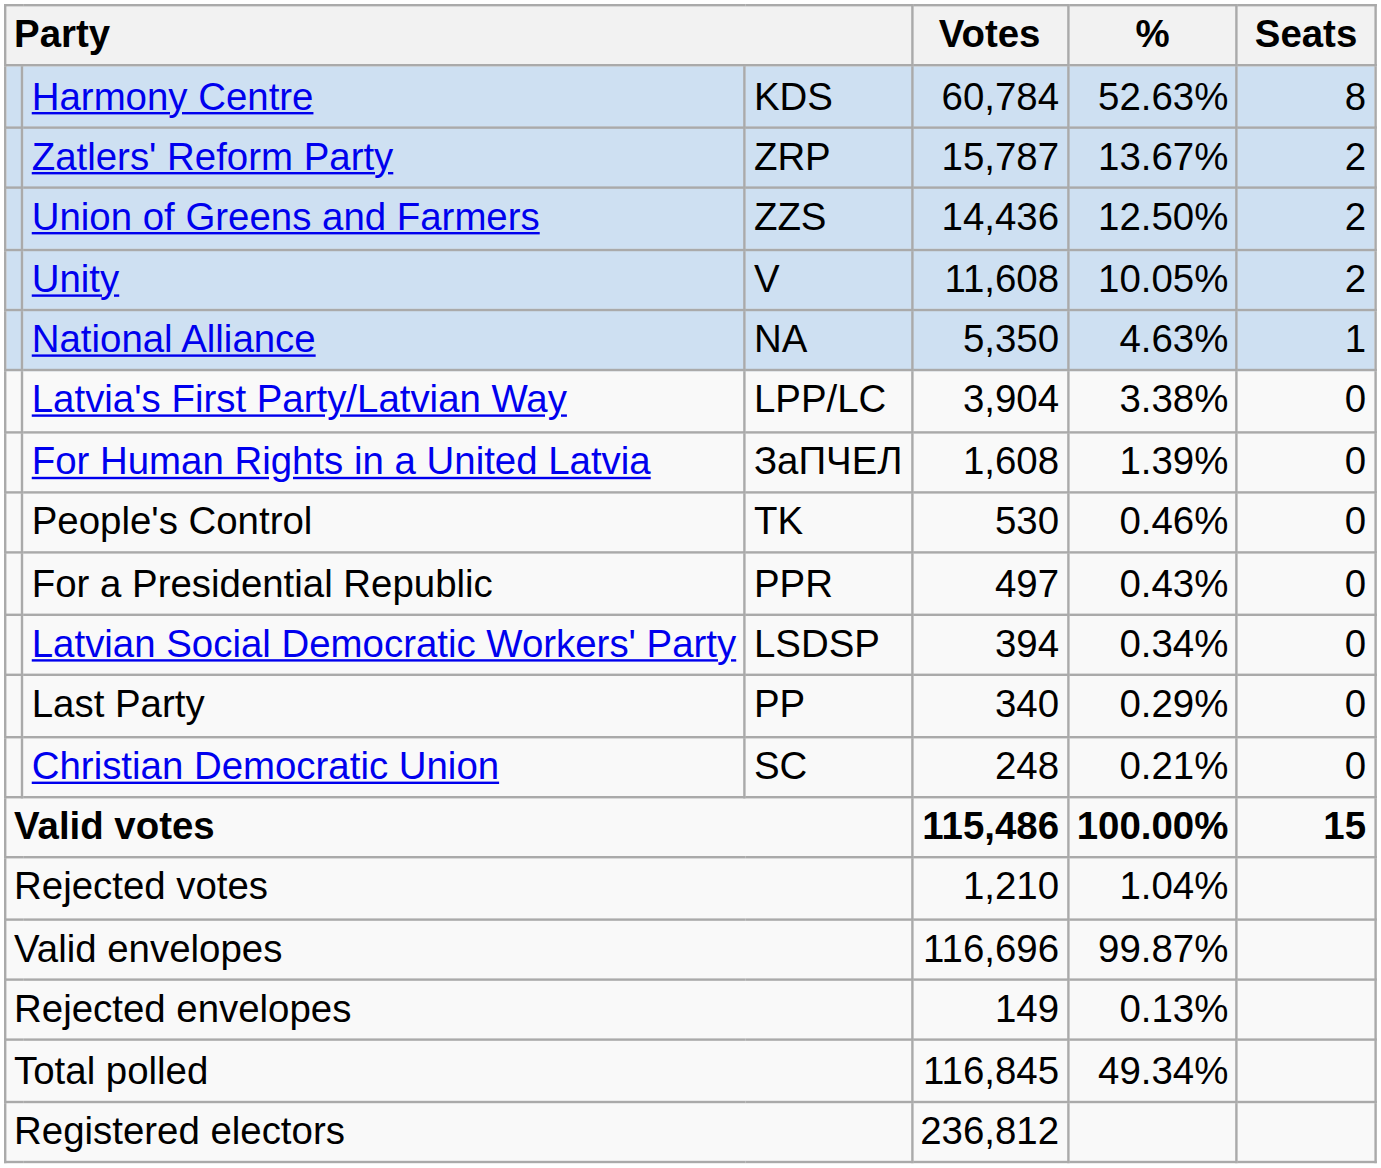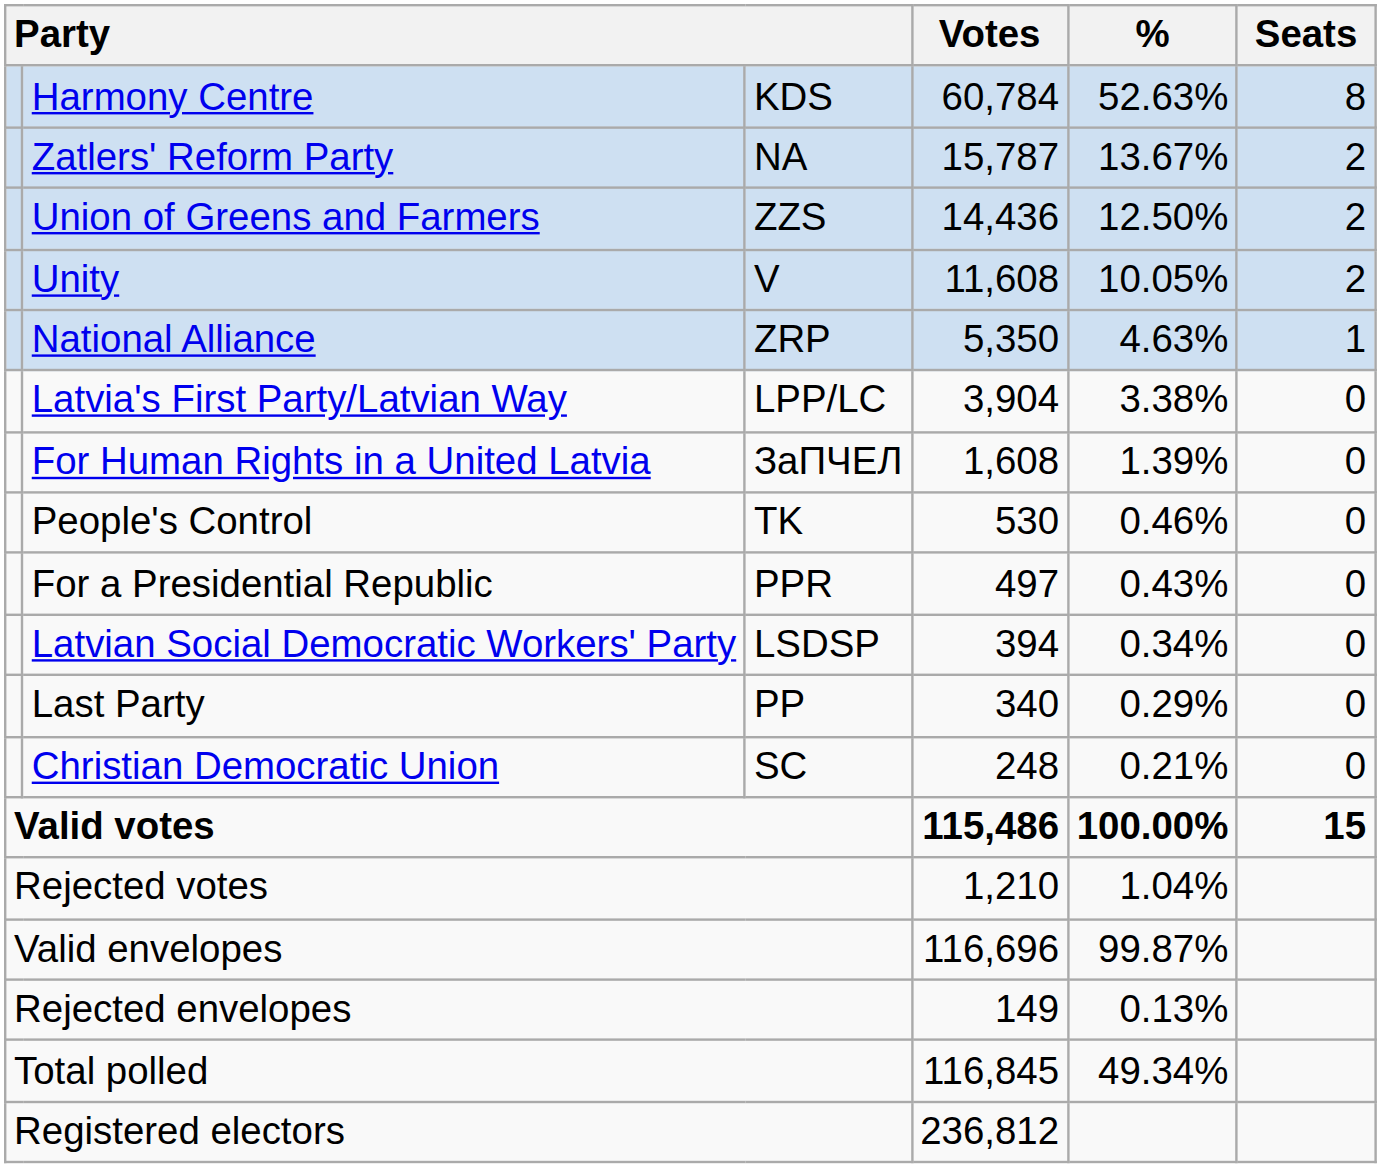 <table class="wikitable" border="1" style="text-align:right;">
 <tr>
 <th style="text-align:left;" colspan=3>Party</th>
 <th align=center width="50">Votes</th>
 <th align=center width="50">%</th>
 <th align=center width="50">Seats</th>
 </tr>
 <tr style="background:#CEE0F2;">
 <td></td>
 <td align=left><a href='#'>Harmony Centre</a></td>
 <td align=left>KDS</td>
 <td>60,784</td>
 <td>52.63%</td>
 <td>8</td>
 </tr>
 <tr style="background:#CEE0F2;">
 <td></td>
 <td align=left><a href='#'>Zatlers' Reform Party</a></td>
-<td align=left>ZRP</td>
+<td align=left>NA</td>
 <td>15,787</td>
 <td>13.67%</td>
 <td>2</td>
 </tr>
 <tr style="background:#CEE0F2;">
 <td></td>
 <td align=left><a href='#'>Union of Greens and Farmers</a></td>
 <td align=left>ZZS</td>
 <td>14,436</td>
 <td>12.50%</td>
 <td>2</td>
 </tr>
 <tr style="background:#CEE0F2;">
 <td></td>
 <td align=left><a href='#'>Unity</a></td>
 <td align=left>V</td>
 <td>11,608</td>
 <td>10.05%</td>
 <td>2</td>
 </tr>
 <tr style="background:#CEE0F2;">
 <td></td>
 <td align=left><a href='#'>National Alliance</a></td>
-<td align=left>NA</td>
+<td align=left>ZRP</td>
 <td>5,350</td>
 <td>4.63%</td>
 <td>1</td>
 </tr>
 <tr>
 <td></td>
 <td align=left><a href='#'>Latvia's First Party/Latvian Way</a></td>
 <td align=left>LPP/LC</td>
 <td>3,904</td>
 <td>3.38%</td>
 <td>0</td>
 </tr>
 <tr>
 <td></td>
 <td align=left><a href='#'>For Human Rights in a United Latvia</a></td>
 <td align=left>ЗаПЧЕЛ</td>
 <td>1,608</td>
 <td>1.39%</td>
 <td>0</td>
 </tr>
 <tr>
 <td></td>
 <td align=left>People's Control</td>
 <td align=left>TK</td>
 <td>530</td>
 <td>0.46%</td>
 <td>0</td>
 </tr>
 <tr>
 <td></td>
 <td align=left>For a Presidential Republic</td>
 <td align=left>PPR</td>
 <td>497</td>
 <td>0.43%</td>
 <td>0</td>
 </tr>
 <tr>
 <td></td>
 <td align=left style="white-space: nowrap;"><a href='#'>Latvian Social Democratic Workers' Party</a></td>
 <td align=left>LSDSP</td>
 <td>394</td>
 <td>0.34%</td>
 <td>0</td>
 </tr>
 <tr>
 <td></td>
 <td align=left>Last Party</td>
 <td align=left>PP</td>
 <td>340</td>
 <td>0.29%</td>
 <td>0</td>
 </tr>
 <tr>
 <td></td>
 <td align=left><a href='#'>Christian Democratic Union</a></td>
 <td align=left>SC</td>
 <td>248</td>
 <td>0.21%</td>
 <td>0</td>
 </tr>
 <tr style="font-weight:bold">
 <td align=left colspan=3>Valid votes</td>
 <td>115,486</td>
 <td>100.00%</td>
 <td>15</td>
 </tr>
 <tr>
 <td align=left colspan=3>Rejected votes</td>
 <td>1,210</td>
 <td>1.04%</td>
 <td></td>
 </tr>
 <tr>
 <td align=left colspan=3>Valid envelopes</td>
 <td>116,696</td>
 <td>99.87%</td>
 <td></td>
 </tr>
 <tr>
 <td align=left colspan=3>Rejected envelopes</td>
 <td>149</td>
 <td>0.13%</td>
 <td></td>
 </tr>
 <tr>
 <td align=left colspan=3>Total polled</td>
 <td>116,845</td>
 <td>49.34%</td>
 <td></td>
 </tr>
 <tr>
 <td align=left colspan=3>Registered electors</td>
 <td>236,812</td>
 <td></td>
 <td></td>
 </tr>
 </table>
